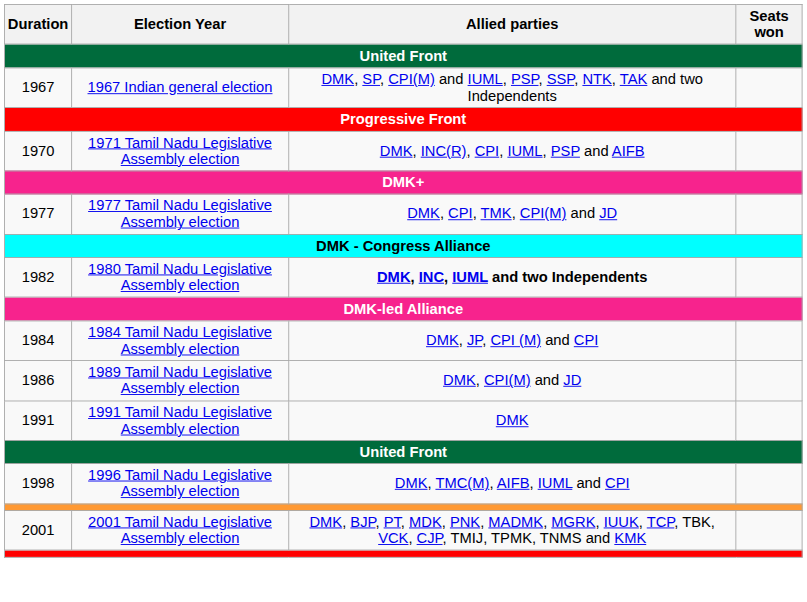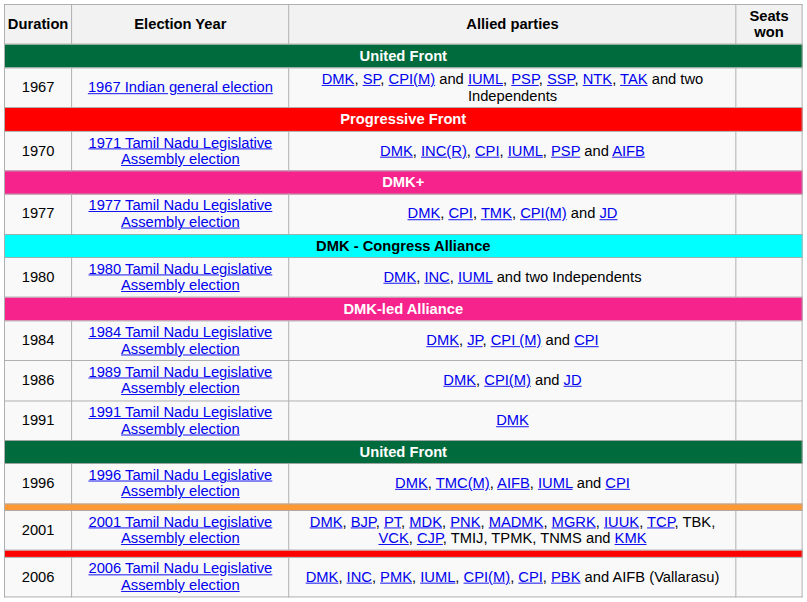 <table class="wikitable">
 <tr>
 <th>Duration</th>
 <th>Election Year</th>
 <th>Allied parties</th>
 <th>Seats won</th>
 </tr>
 <tr style="text-align:center;">
 <th colspan=4 style="text-align:center;vertical-align:middle;background-color:#006B3C;color:white">United Front</th>
 </tr>
 <tr style="text-align:center;">
 <td>1967</td>
 <td><a href='#'>1967 Indian general election</a></td>
 <td><a href='#'>DMK</a>, <a href='#'>SP</a>, <a href='#'>CPI(M)</a> and <a href='#'>IUML</a>, <a href='#'>PSP</a>, <a href='#'>SSP</a>, <a href='#'>NTK</a>, <a href='#'>TAK</a> and two Independents</td>
 <td></td>
 </tr>
 <tr style="text-align:center;">
 <th colspan=4 style="text-align:center;vertical-align:middle;background-color:red;color:white">Progressive Front</th>
 </tr>
 <tr style="text-align:center;">
 <td>1970</td>
 <td><a href='#'>1971 Tamil Nadu Legislative Assembly election</a></td>
 <td><a href='#'>DMK</a>, <a href='#'>INC(R)</a>, <a href='#'>CPI</a>, <a href='#'>IUML</a>, <a href='#'>PSP</a> and <a href='#'>AIFB</a></td>
 <td></td>
 </tr>
 <tr style="text-align:center;">
 <th colspan=4 style="text-align:center;vertical-align:middle;background-color:#f7238d;color:white">DMK+</th>
 </tr>
 <tr style="text-align:center;">
 <td>1977</td>
 <td><a href='#'>1977 Tamil Nadu Legislative Assembly election</a></td>
 <td><a href='#'>DMK</a>, <a href='#'>CPI</a>, <a href='#'>TMK</a>,  <a href='#'>CPI(M)</a> and <a href='#'>JD</a></td>
 <td></td>
 </tr>
 <tr style="text-align:center;">
 <th colspan=4 style="text-align:center;vertical-align:middle;background-color:#00FFFF;">DMK - Congress Alliance</th>
 </tr>
 <tr style="text-align:center;">
-<td>1982</td>
+<td>1980</td>
 <td><a href='#'>1980 Tamil Nadu Legislative Assembly election</a></td>
-<td><strong><a href='#'>DMK</a>, <a href='#'>INC</a>, <a href='#'>IUML</a> and two Independents</strong></td>
+<td><a href='#'>DMK</a>, <a href='#'>INC</a>, <a href='#'>IUML</a> and two Independents</td>
 <td></td>
 </tr>
 <tr style="text-align:center;">
 <th colspan=4 style="text-align:center;vertical-align:middle;background-color:#f7238d;color:white">DMK-led Alliance</th>
 </tr>
 <tr style="text-align:center;">
 <td>1984</td>
 <td><a href='#'>1984 Tamil Nadu Legislative Assembly election</a></td>
 <td><a href='#'>DMK</a>, <a href='#'>JP</a>, <a href='#'>CPI (M)</a> and <a href='#'>CPI</a></td>
 <td></td>
 </tr>
 <tr style="text-align:center;">
 <td>1986</td>
 <td><a href='#'>1989 Tamil Nadu Legislative Assembly election</a></td>
 <td><a href='#'>DMK</a>, <a href='#'>CPI(M)</a> and <a href='#'>JD</a></td>
 <td></td>
 </tr>
 <tr style="text-align:center;">
 <td>1991</td>
 <td><a href='#'>1991 Tamil Nadu Legislative Assembly election</a></td>
 <td><a href='#'>DMK</a></td>
 <td></td>
 </tr>
 <tr style="text-align:center;">
 <th colspan=4 style="text-align:center;vertical-align:middle;background-color:#006B3C;color:white">United Front</th>
 </tr>
 <tr style="text-align:center;">
-<td>1998</td>
+<td>1996</td>
 <td><a href='#'>1996 Tamil Nadu Legislative Assembly election</a></td>
 <td><a href='#'>DMK</a>, <a href='#'>TMC(M)</a>, <a href='#'>AIFB</a>, <a href='#'>IUML</a> and <a href='#'>CPI</a></td>
 <td></td>
 </tr>
 <tr style="text-align:center;">
 <th colspan=4 style="text-align:center;vertical-align:middle;background-color:#FF9933; color:white"><a href='#'></a></th>
 </tr>
 <tr style="text-align:center;">
 <td>2001</td>
 <td><a href='#'>2001 Tamil Nadu Legislative Assembly election</a></td>
 <td><a href='#'>DMK</a>, <a href='#'>BJP</a>, <a href='#'>PT</a>, <a href='#'>MDK</a>, <a href='#'>PNK</a>, <a href='#'>MADMK</a>, <a href='#'>MGRK</a>, <a href='#'>IUUK</a>, <a href='#'>TCP</a>, TBK, <a href='#'>VCK</a>, <a href='#'>CJP</a>, TMIJ, TPMK, TNMS and <a href='#'>KMK</a></td>
 <td></td>
 </tr>
 <tr style="text-align:center;">
 <th colspan=4 style="text-align:center;vertical-align:middle;background-color:red;color:white"><a href='#'></a></th>
 </tr>
+<tr style="text-align:center;">
+<td>2006</td>
+<td><a href='#'>2006 Tamil Nadu Legislative Assembly election</a></td>
+<td><a href='#'>DMK</a>, <a href='#'>INC</a>, <a href='#'>PMK</a>, <a href='#'>IUML</a>, <a href='#'>CPI(M)</a>, <a href='#'>CPI</a>, <a href='#'>PBK</a> and AIFB (Vallarasu)</td>
+<td></td>
+</tr>
 </table>
